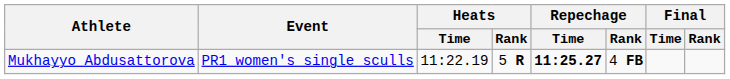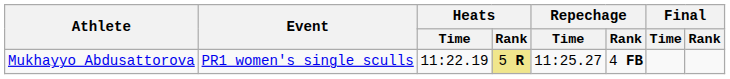 <table class="wikitable" style="font-size:90%">
 <tr>
 <th rowspan=2>Athlete</th>
 <th rowspan=2>Event</th>
 <th colspan=2>Heats</th>
 <th colspan=2>Repechage</th>
 <th colspan=2>Final</th>
 </tr>
 <tr style="font-size:95%">
 <th>Time</th>
 <th>Rank</th>
 <th>Time</th>
 <th>Rank</th>
 <th>Time</th>
 <th>Rank</th>
 </tr>
 <tr align=center>
 <td align=left><a href='#'>Mukhayyo Abdusattorova</a></td>
 <td align=left><a href='#'>PR1 women's single sculls</a></td>
 <td>11:22.19</td>
-<td>5 <strong>R</strong></td>
-<td><strong>11:25.27</strong></td>
+<td style="background: khaki;">5 <strong>R</strong></td>
+<td>11:25.27</td>
 <td>4 <strong>FB</strong></td>
 <td></td>
 <td></td>
 </tr>
 </table>
